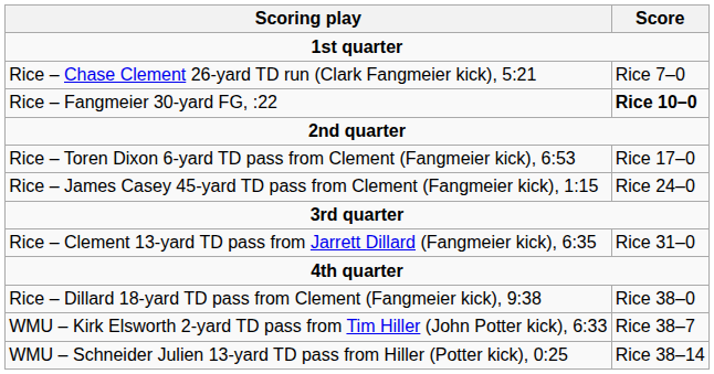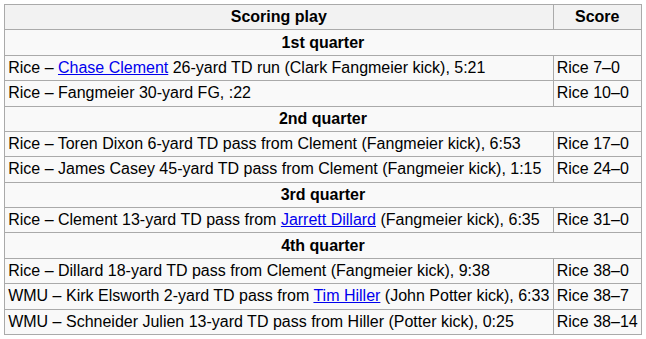 <table class="wikitable">
 <tr>
 <th>Scoring play</th>
 <th>Score</th>
 </tr>
 <tr>
 <td colspan="4" align="center"><strong>1st quarter</strong></td>
 </tr>
 <tr>
 <td>Rice – <a href='#'>Chase Clement</a> 26-yard TD run (Clark Fangmeier kick), 5:21</td>
 <td>Rice 7–0</td>
 </tr>
 <tr>
 <td>Rice – Fangmeier 30-yard FG, :22</td>
-<td><strong>Rice 10–0</strong></td>
+<td>Rice 10–0</td>
 </tr>
 <tr>
 <td colspan="4" align="center"><strong>2nd quarter</strong></td>
 </tr>
 <tr>
 <td>Rice – Toren Dixon 6-yard TD pass from Clement (Fangmeier kick), 6:53</td>
 <td>Rice 17–0</td>
 </tr>
 <tr>
 <td>Rice – James Casey 45-yard TD pass from Clement (Fangmeier kick), 1:15</td>
 <td>Rice 24–0</td>
 </tr>
 <tr>
 <td colspan="4" align="center"><strong>3rd quarter</strong></td>
 </tr>
 <tr>
 <td>Rice – Clement 13-yard TD pass from <a href='#'>Jarrett Dillard</a> (Fangmeier kick), 6:35</td>
 <td>Rice 31–0</td>
 </tr>
 <tr>
 <td colspan="4" align="center"><strong>4th quarter</strong></td>
 </tr>
 <tr>
 <td>Rice – Dillard 18-yard TD pass from Clement (Fangmeier kick), 9:38</td>
 <td>Rice 38–0</td>
 </tr>
 <tr>
 <td>WMU – Kirk Elsworth 2-yard TD pass from <a href='#'>Tim Hiller</a> (John Potter kick), 6:33</td>
 <td>Rice 38–7</td>
 </tr>
 <tr>
 <td>WMU – Schneider Julien 13-yard TD pass from Hiller (Potter kick), 0:25</td>
 <td>Rice 38–14</td>
 </tr>
 </table>
